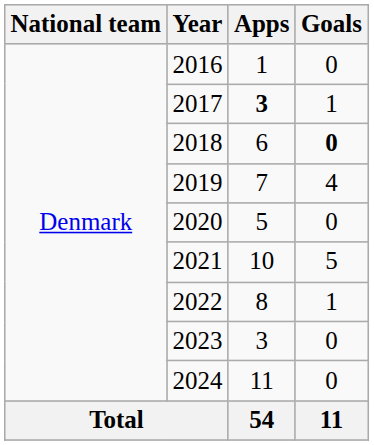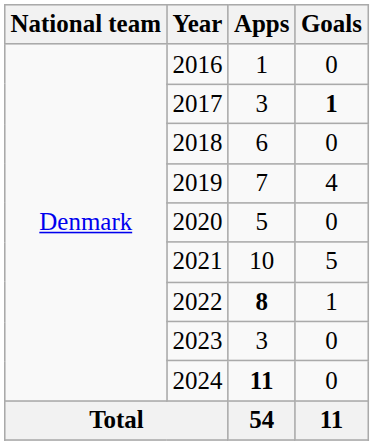 <table class=wikitable style=text-align:center>
 <tr>
 <th>National team</th>
 <th>Year</th>
 <th>Apps</th>
 <th>Goals</th>
 </tr>
 <tr>
 <td rowspan=9><a href='#'>Denmark</a></td>
 <td>2016</td>
 <td>1</td>
 <td>0</td>
 </tr>
 <tr>
 <td>2017</td>
-<td><strong>3</strong></td>
-<td>1</td>
+<td>3</td>
+<td><strong>1</strong></td>
 </tr>
 <tr>
 <td>2018</td>
 <td>6</td>
-<td><strong>0</strong></td>
+<td>0</td>
 </tr>
 <tr>
 <td>2019</td>
 <td>7</td>
 <td>4</td>
 </tr>
 <tr>
 <td>2020</td>
 <td>5</td>
 <td>0</td>
 </tr>
 <tr>
 <td>2021</td>
 <td>10</td>
 <td>5</td>
 </tr>
 <tr>
 <td>2022</td>
-<td>8</td>
+<td><strong>8</strong></td>
 <td>1</td>
 </tr>
 <tr>
 <td>2023</td>
 <td>3</td>
 <td>0</td>
 </tr>
 <tr>
 <td>2024</td>
-<td>11</td>
+<td><strong>11</strong></td>
 <td>0</td>
 </tr>
 <tr>
 <th colspan=2>Total</th>
 <th>54</th>
 <th>11</th>
 </tr>
 </table>
